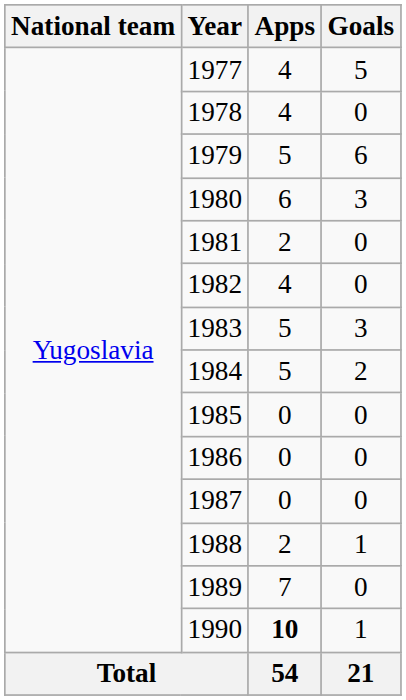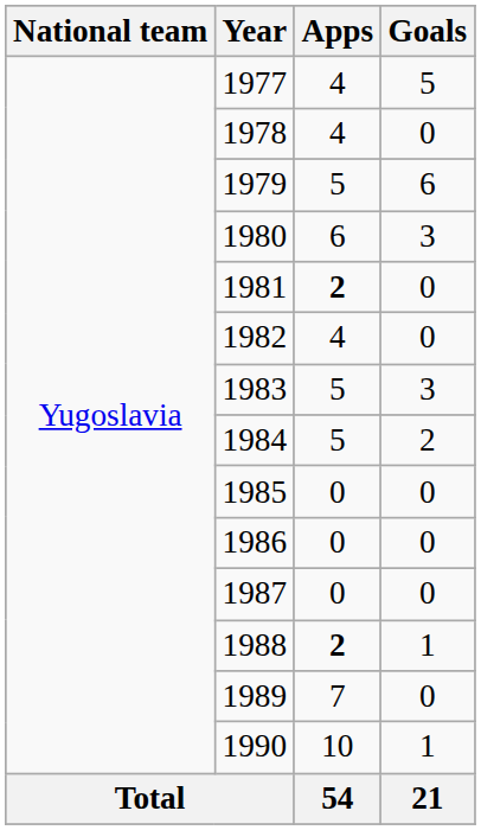 <table class="wikitable" style="text-align:center">
 <tr>
 <th>National team</th>
 <th>Year</th>
 <th>Apps</th>
 <th>Goals</th>
 </tr>
 <tr>
 <td rowspan="14"><a href='#'>Yugoslavia</a></td>
 <td>1977</td>
 <td>4</td>
 <td>5</td>
 </tr>
 <tr>
 <td>1978</td>
 <td>4</td>
 <td>0</td>
 </tr>
 <tr>
 <td>1979</td>
 <td>5</td>
 <td>6</td>
 </tr>
 <tr>
 <td>1980</td>
 <td>6</td>
 <td>3</td>
 </tr>
 <tr>
 <td>1981</td>
-<td>2</td>
+<td><strong>2</strong></td>
 <td>0</td>
 </tr>
 <tr>
 <td>1982</td>
 <td>4</td>
 <td>0</td>
 </tr>
 <tr>
 <td>1983</td>
 <td>5</td>
 <td>3</td>
 </tr>
 <tr>
 <td>1984</td>
 <td>5</td>
 <td>2</td>
 </tr>
 <tr>
 <td>1985</td>
 <td>0</td>
 <td>0</td>
 </tr>
 <tr>
 <td>1986</td>
 <td>0</td>
 <td>0</td>
 </tr>
 <tr>
 <td>1987</td>
 <td>0</td>
 <td>0</td>
 </tr>
 <tr>
 <td>1988</td>
-<td>2</td>
+<td><strong>2</strong></td>
 <td>1</td>
 </tr>
 <tr>
 <td>1989</td>
 <td>7</td>
 <td>0</td>
 </tr>
 <tr>
 <td>1990</td>
-<td><strong>10</strong></td>
+<td>10</td>
 <td>1</td>
 </tr>
 <tr>
 <th colspan="2">Total</th>
 <th>54</th>
 <th>21</th>
 </tr>
 </table>
